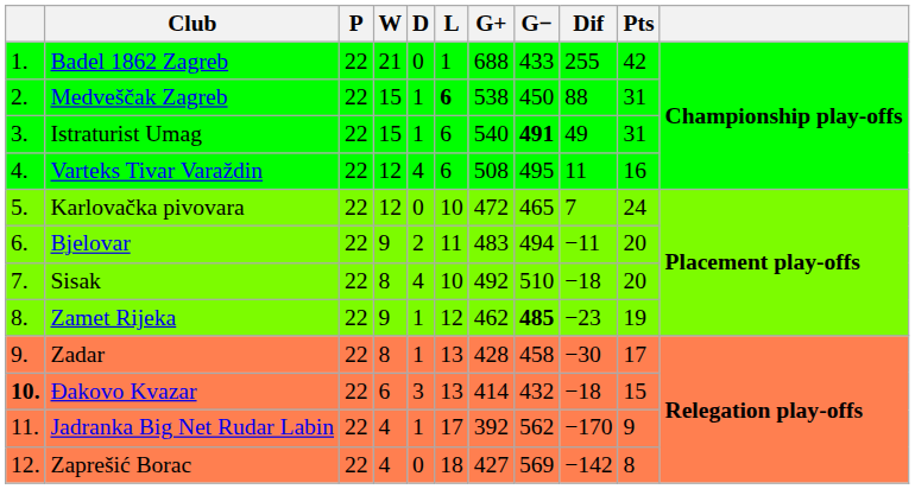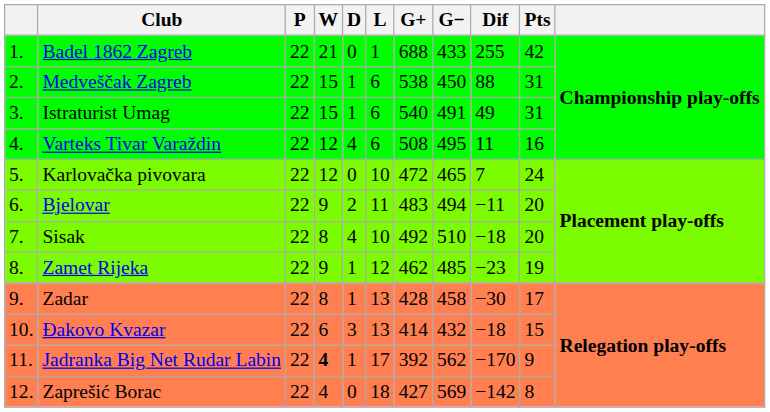 <table class="wikitable sortable">
 <tr>
 <th></th>
 <th>Club</th>
 <th>P</th>
 <th>W</th>
 <th>D</th>
 <th>L</th>
 <th>G+</th>
 <th>G−</th>
 <th>Dif</th>
 <th>Pts</th>
 <th></th>
 </tr>
 <tr style="background:lime">
 <td>1.</td>
 <td><a href='#'>Badel 1862 Zagreb</a></td>
 <td>22</td>
 <td>21</td>
 <td>0</td>
 <td>1</td>
 <td>688</td>
 <td>433</td>
 <td>255</td>
 <td>42</td>
 <td rowspan="4"><strong>Championship play-offs</strong></td>
 </tr>
 <tr style="background:lime">
 <td>2.</td>
 <td><a href='#'>Medveščak Zagreb</a></td>
 <td>22</td>
 <td>15</td>
 <td>1</td>
-<td><strong>6</strong></td>
+<td>6</td>
 <td>538</td>
 <td>450</td>
 <td>88</td>
 <td>31</td>
 </tr>
 <tr style="background:lime">
 <td>3.</td>
 <td>Istraturist Umag</td>
 <td>22</td>
 <td>15</td>
 <td>1</td>
 <td>6</td>
 <td>540</td>
-<td><strong>491</strong></td>
+<td>491</td>
 <td>49</td>
 <td>31</td>
 </tr>
 <tr style="background:lime">
 <td>4.</td>
 <td><a href='#'>Varteks Tivar Varaždin</a></td>
 <td>22</td>
 <td>12</td>
 <td>4</td>
 <td>6</td>
 <td>508</td>
 <td>495</td>
 <td>11</td>
 <td>16</td>
 </tr>
 <tr style="background:lawngreen">
 <td>5.</td>
 <td>Karlovačka pivovara</td>
 <td>22</td>
 <td>12</td>
 <td>0</td>
 <td>10</td>
 <td>472</td>
 <td>465</td>
 <td>7</td>
 <td>24</td>
 <td rowspan="4"><strong>Placement play-offs</strong></td>
 </tr>
 <tr style="background:lawngreen">
 <td>6.</td>
 <td><a href='#'>Bjelovar</a></td>
 <td>22</td>
 <td>9</td>
 <td>2</td>
 <td>11</td>
 <td>483</td>
 <td>494</td>
 <td>−11</td>
 <td>20</td>
 </tr>
 <tr style="background:lawngreen">
 <td>7.</td>
 <td>Sisak</td>
 <td>22</td>
 <td>8</td>
 <td>4</td>
 <td>10</td>
 <td>492</td>
 <td>510</td>
 <td>−18</td>
 <td>20</td>
 </tr>
 <tr style="background:lawngreen">
 <td>8.</td>
 <td><a href='#'>Zamet Rijeka</a></td>
 <td>22</td>
 <td>9</td>
 <td>1</td>
 <td>12</td>
 <td>462</td>
-<td><strong>485</strong></td>
+<td>485</td>
 <td>−23</td>
 <td>19</td>
 </tr>
 <tr style="background:coral">
 <td>9.</td>
 <td>Zadar</td>
 <td>22</td>
 <td>8</td>
 <td>1</td>
 <td>13</td>
 <td>428</td>
 <td>458</td>
 <td>−30</td>
 <td>17</td>
 <td rowspan="4"><strong>Relegation play-offs</strong></td>
 </tr>
 <tr style="background:coral">
-<td><strong>10.</strong></td>
+<td>10.</td>
 <td><a href='#'>Đakovo Kvazar</a></td>
 <td>22</td>
 <td>6</td>
 <td>3</td>
 <td>13</td>
 <td>414</td>
 <td>432</td>
 <td>−18</td>
 <td>15</td>
 </tr>
 <tr style="background:coral">
 <td>11.</td>
 <td><a href='#'>Jadranka Big Net Rudar Labin</a></td>
 <td>22</td>
-<td>4</td>
+<td><strong>4</strong></td>
 <td>1</td>
 <td>17</td>
 <td>392</td>
 <td>562</td>
 <td>−170</td>
 <td>9</td>
 </tr>
 <tr style="background:coral">
 <td>12.</td>
 <td>Zaprešić Borac</td>
 <td>22</td>
 <td>4</td>
 <td>0</td>
 <td>18</td>
 <td>427</td>
 <td>569</td>
 <td>−142</td>
 <td>8</td>
 </tr>
 </table>
